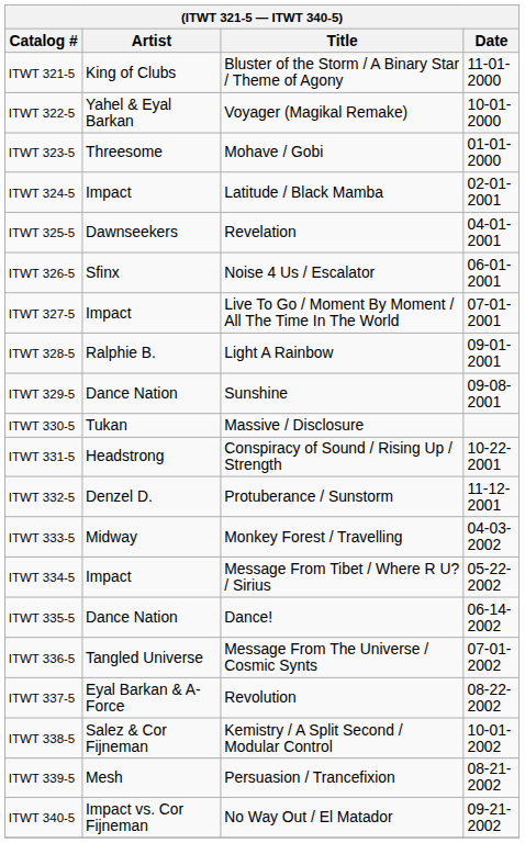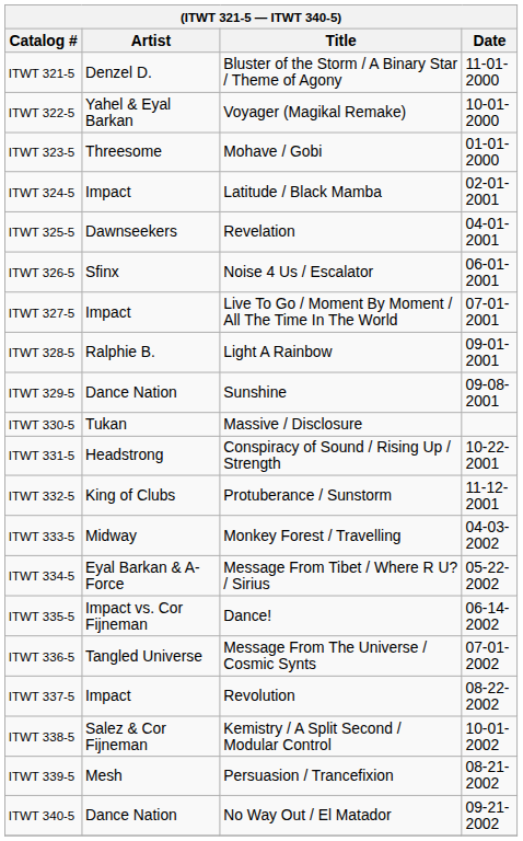 <table width="80%" class="wikitable collapsible collapsed" style="font-size:92%;position:relative;">
 <tr>
 <th colspan="5"><small>(ITWT 321-5 — ITWT 340-5)</small></th>
 </tr>
 <tr>
 <th width="8%">Catalog #</th>
 <th width="20%">Artist</th>
 <th width="35%">Title</th>
 <th width="8%">Date</th>
 </tr>
 <tr>
 <td><small>ITWT 321-5</small></td>
-<td>King of Clubs</td>
+<td>Denzel D.</td>
 <td>Bluster of the Storm / A Binary Star / Theme of Agony</td>
 <td>11-01-2000</td>
 </tr>
 <tr>
 <td><small>ITWT 322-5</small></td>
 <td>Yahel & Eyal Barkan</td>
 <td>Voyager (Magikal Remake)</td>
 <td>10-01-2000</td>
 </tr>
 <tr>
 <td><small>ITWT 323-5</small></td>
 <td>Threesome</td>
 <td>Mohave / Gobi</td>
 <td>01-01-2000</td>
 </tr>
 <tr>
 <td><small>ITWT 324-5</small></td>
 <td>Impact</td>
 <td>Latitude / Black Mamba</td>
 <td>02-01-2001</td>
 </tr>
 <tr>
 <td><small>ITWT 325-5</small></td>
 <td>Dawnseekers</td>
 <td>Revelation</td>
 <td>04-01-2001</td>
 </tr>
 <tr>
 <td><small>ITWT 326-5</small></td>
 <td>Sfinx</td>
 <td>Noise 4 Us / Escalator</td>
 <td>06-01-2001</td>
 </tr>
 <tr>
 <td><small>ITWT 327-5</small></td>
 <td>Impact</td>
 <td>Live To Go / Moment By Moment / All The Time In The World</td>
 <td>07-01-2001</td>
 </tr>
 <tr>
 <td><small>ITWT 328-5</small></td>
 <td>Ralphie B.</td>
 <td>Light A Rainbow</td>
 <td>09-01-2001</td>
 </tr>
 <tr>
 <td><small>ITWT 329-5</small></td>
 <td>Dance Nation</td>
 <td>Sunshine</td>
 <td>09-08-2001</td>
 </tr>
 <tr>
 <td><small>ITWT 330-5</small></td>
 <td>Tukan</td>
 <td>Massive / Disclosure</td>
 <td></td>
 </tr>
 <tr>
 <td><small>ITWT 331-5</small></td>
 <td>Headstrong</td>
 <td>Conspiracy of Sound / Rising Up / Strength</td>
 <td>10-22-2001</td>
 </tr>
 <tr>
 <td><small>ITWT 332-5</small></td>
-<td>Denzel D.</td>
+<td>King of Clubs</td>
 <td>Protuberance / Sunstorm</td>
 <td>11-12-2001</td>
 </tr>
 <tr>
 <td><small>ITWT 333-5</small></td>
 <td>Midway</td>
 <td>Monkey Forest / Travelling</td>
 <td>04-03-2002</td>
 </tr>
 <tr>
 <td><small>ITWT 334-5</small></td>
-<td>Impact</td>
+<td>Eyal Barkan & A-Force</td>
 <td>Message From Tibet / Where R U? / Sirius</td>
 <td>05-22-2002</td>
 </tr>
 <tr>
 <td><small>ITWT 335-5</small></td>
-<td>Dance Nation</td>
+<td>Impact vs. Cor Fijneman</td>
 <td>Dance!</td>
 <td>06-14-2002</td>
 </tr>
 <tr>
 <td><small>ITWT 336-5</small></td>
 <td>Tangled Universe</td>
 <td>Message From The Universe / Cosmic Synts</td>
 <td>07-01-2002</td>
 </tr>
 <tr>
 <td><small>ITWT 337-5</small></td>
-<td>Eyal Barkan & A-Force</td>
+<td>Impact</td>
 <td>Revolution</td>
 <td>08-22-2002</td>
 </tr>
 <tr>
 <td><small>ITWT 338-5</small></td>
 <td>Salez & Cor Fijneman</td>
 <td>Kemistry / A Split Second / Modular Control</td>
 <td>10-01-2002</td>
 </tr>
 <tr>
 <td><small>ITWT 339-5</small></td>
 <td>Mesh</td>
 <td>Persuasion / Trancefixion</td>
 <td>08-21-2002</td>
 </tr>
 <tr>
 <td><small>ITWT 340-5</small></td>
-<td>Impact vs. Cor Fijneman</td>
+<td>Dance Nation</td>
 <td>No Way Out / El Matador</td>
 <td>09-21-2002</td>
 </tr>
 <tr>
 </tr>
 </table>
